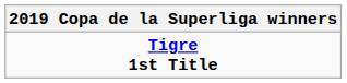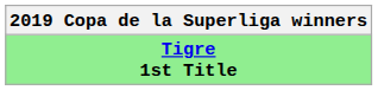 <table class="wikitable" style="text-align: center; margin: 0 auto;">
 <tr>
 <th>2019 Copa de la Superliga winners</th>
 </tr>
 <tr>
-<td><strong><a href='#'>Tigre</a></strong><br><strong>1st Title</strong></td>
+<td style="background: lightgreen;"><strong><a href='#'>Tigre</a></strong><br><strong>1st Title</strong></td>
 </tr>
 </table>
